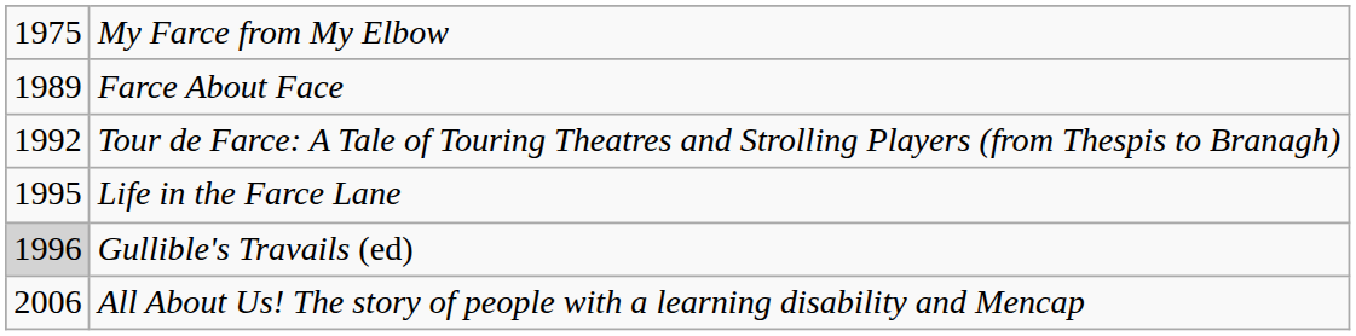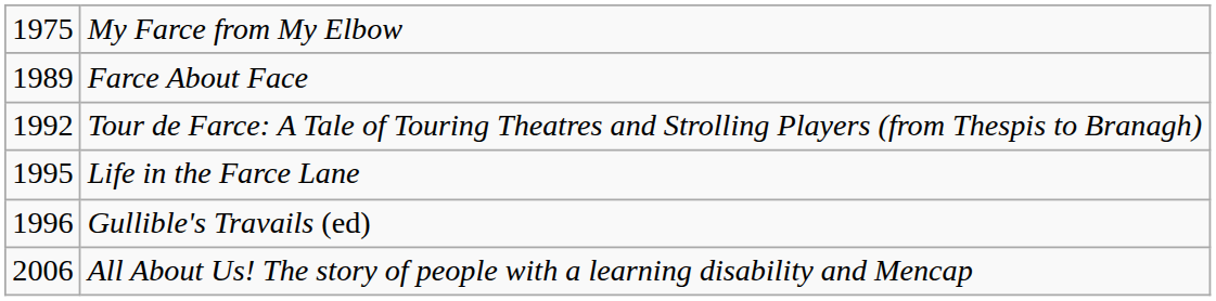 <table class="wikitable">
 <tr>
 <td>1975</td>
 <td><em>My Farce from My Elbow</em></td>
 </tr>
 <tr>
 <td>1989</td>
 <td><em>Farce About Face</em></td>
 </tr>
 <tr>
 <td>1992</td>
 <td><em>Tour de Farce: A Tale of Touring Theatres and Strolling Players (from Thespis to Branagh)</em></td>
 </tr>
 <tr>
 <td>1995</td>
 <td><em>Life in the Farce Lane</em></td>
 </tr>
 <tr>
-<td style="background: lightgrey;">1996</td>
+<td>1996</td>
 <td><em>Gullible's Travails</em> (ed)</td>
 </tr>
 <tr>
 <td>2006</td>
 <td><em>All About Us! The story of people with a learning disability and Mencap</em></td>
 </tr>
 </table>
